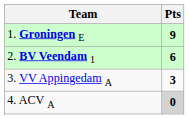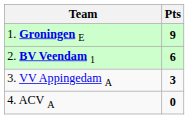 <table class="wikitable" style="text-align:center; float:left; margin-right:1em">
 <tr>
 <th style="width:200px">Team</th>
 <th width=20>Pts</th>
 </tr>
 <tr bgcolor=ccffcc>
 <td align=left>1. <strong><a href='#'>Groningen</a></strong> <sub>E</sub></td>
 <td><strong>9</strong></td>
 </tr>
 <tr bgcolor=ccffcc>
 <td align=left>2. <strong><a href='#'>BV Veendam</a></strong> <sub>1</sub></td>
 <td><strong>6</strong></td>
 </tr>
 <tr>
 <td align=left>3. <a href='#'>VV Appingedam</a> <sub>A</sub></td>
 <td><strong>3</strong></td>
 </tr>
 <tr>
 <td align=left>4. ACV <sub>A</sub></td>
-<td style="background: lightgrey;"><strong>0</strong></td>
+<td><strong>0</strong></td>
 </tr>
 </table>
